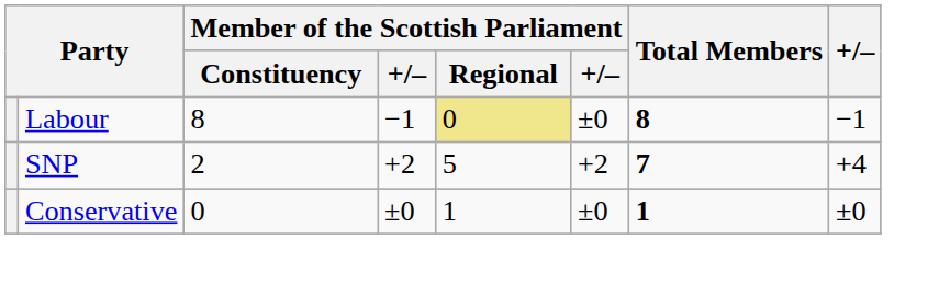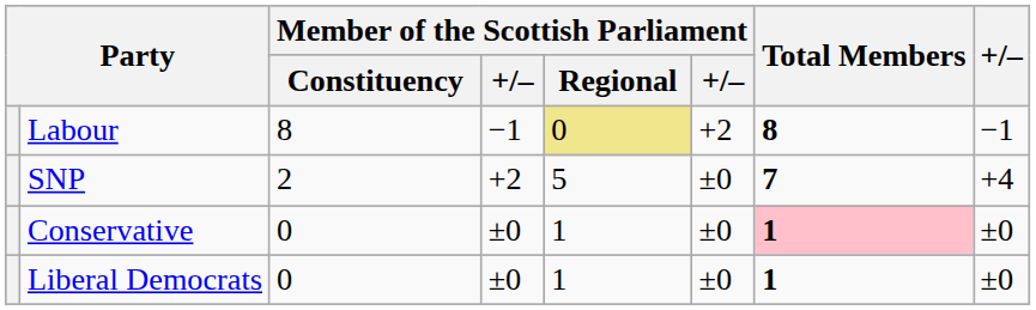 <table class="wikitable">
 <tr>
 <th rowspan=2 colspan="2">Party</th>
 <th colspan="4">Member of the Scottish Parliament</th>
 <th rowspan="2">Total Members</th>
 <th rowspan="2">+/–</th>
 </tr>
 <tr>
 <th>Constituency</th>
 <th>+/–</th>
 <th>Regional</th>
 <th>+/–</th>
 </tr>
 <tr>
 <th style="color:inherit;background-color: "></th>
 <td><a href='#'>Labour</a></td>
 <td>8</td>
 <td>−1</td>
 <td style="background: khaki;">0</td>
-<td>±0</td>
+<td>+2</td>
 <td><strong>8</strong></td>
 <td>−1</td>
 </tr>
 <tr>
 <th style="color:inherit;background-color: "></th>
 <td><a href='#'>SNP</a></td>
 <td>2</td>
 <td>+2</td>
 <td>5</td>
-<td>+2</td>
+<td>±0</td>
 <td><strong>7</strong></td>
 <td>+4</td>
 </tr>
 <tr>
 <th style="color:inherit;background-color: "></th>
 <td><a href='#'>Conservative</a></td>
 <td>0</td>
 <td>±0</td>
 <td>1</td>
 <td>±0</td>
+<td style="background: pink;"><strong>1</strong></td>
+<td>±0</td>
+</tr>
+<tr>
+<th style="color:inherit;background-color: "></th>
+<td><a href='#'>Liberal Democrats</a></td>
+<td>0</td>
+<td>±0</td>
+<td>1</td>
+<td>±0</td>
 <td><strong>1</strong></td>
 <td>±0</td>
 </tr>
 </table>
